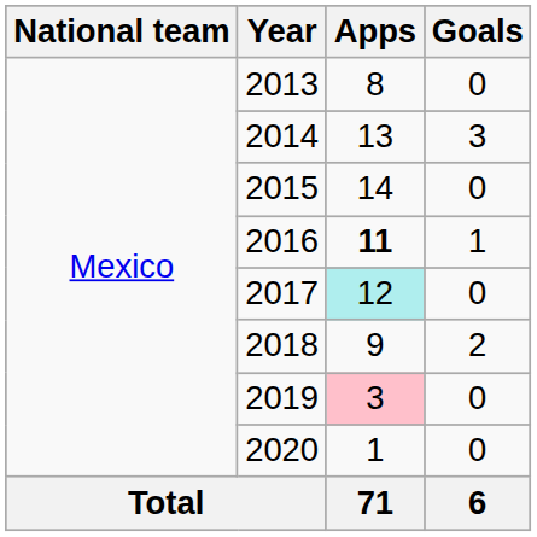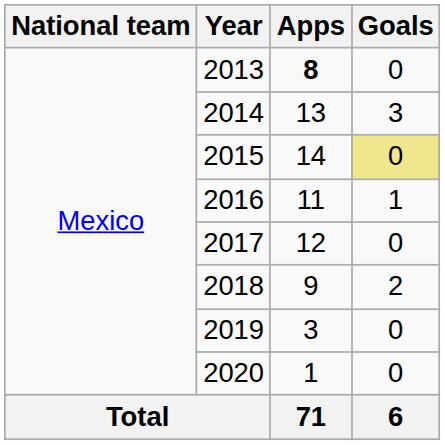 <table class="wikitable" style="text-align:center">
 <tr>
 <th>National team</th>
 <th>Year</th>
 <th>Apps</th>
 <th>Goals</th>
 </tr>
 <tr>
 <td rowspan="8"><a href='#'>Mexico</a></td>
 <td>2013</td>
-<td>8</td>
+<td><strong>8</strong></td>
 <td>0</td>
 </tr>
 <tr>
 <td>2014</td>
 <td>13</td>
 <td>3</td>
 </tr>
 <tr>
 <td>2015</td>
 <td>14</td>
-<td>0</td>
+<td style="background: khaki;">0</td>
 </tr>
 <tr>
 <td>2016</td>
-<td><strong>11</strong></td>
+<td>11</td>
 <td>1</td>
 </tr>
 <tr>
 <td>2017</td>
-<td style="background: paleturquoise;">12</td>
+<td>12</td>
 <td>0</td>
 </tr>
 <tr>
 <td>2018</td>
 <td>9</td>
 <td>2</td>
 </tr>
 <tr>
 <td>2019</td>
-<td style="background: pink;">3</td>
+<td>3</td>
 <td>0</td>
 </tr>
 <tr>
 <td>2020</td>
 <td>1</td>
 <td>0</td>
 </tr>
 <tr>
 <th colspan="2">Total</th>
 <th>71</th>
 <th>6</th>
 </tr>
 </table>
